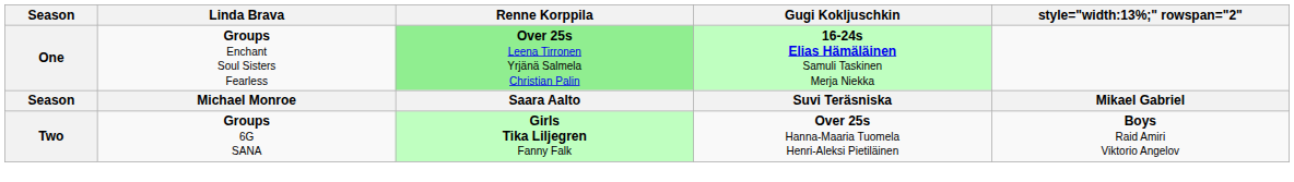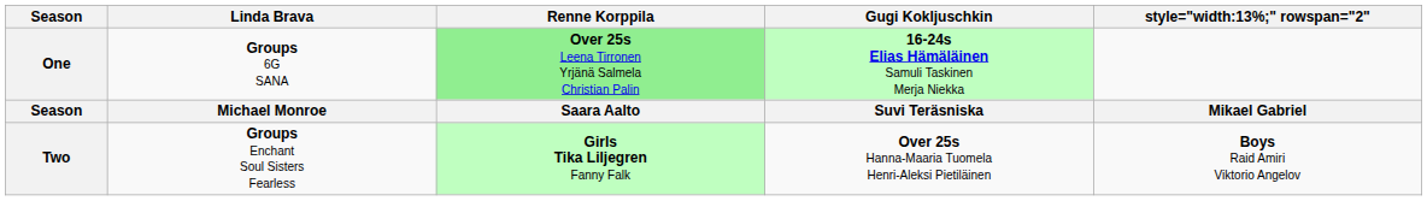 <table class="wikitable" style="text-align:center">
 <tr>
 <th style="width:4%;" scope="col">Season</th>
 <th style="width:13%;" scope="col">Linda Brava</th>
 <th style="width:13%;" scope="col">Renne Korppila</th>
 <th style="width:13%;" scope="col">Gugi Kokljuschkin</th>
 <th>style="width:13%;" rowspan="2" </th>
 </tr>
 <tr>
 <th scope="row"><strong>One</strong></th>
-<td><strong>Groups</strong><br><small>Enchant<br>Soul Sisters<br>Fearless</small></td>
+<td><strong>Groups</strong><br><small>6G<br>SANA</small></td>
 <td style="background: lightgreen;"><strong>Over 25s</strong><br><small><a href='#'>Leena Tirronen</a><br>Yrjänä Salmela<br><a href='#'>Christian Palin</a></small></td>
 <td bgcolor="BFFFC0"><strong>16-24s</strong><br><strong><a href='#'>Elias Hämäläinen</a></strong><br><small>Samuli Taskinen<br>Merja Niekka</small></td>
 </tr>
 <tr>
 <th style="width:4%;" scope="col">Season</th>
 <th style="width:13%;" scope="col">Michael Monroe</th>
 <th style="width:13%;" scope="col">Saara Aalto</th>
 <th style="width:13%;" scope="col">Suvi Teräsniska</th>
 <th style="width:13%;" scope="col">Mikael Gabriel</th>
 </tr>
 <tr>
 <th scope="row"><strong>Two</strong></th>
-<td><strong>Groups</strong><br><small>6G<br>SANA</small></td>
+<td><strong>Groups</strong><br><small>Enchant<br>Soul Sisters<br>Fearless</small></td>
 <td bgcolor="BFFFC0"><strong>Girls</strong><br><strong>Tika Liljegren</strong><br><small>Fanny Falk</small></td>
 <td><strong>Over 25s</strong><br><small>Hanna-Maaria Tuomela<br>Henri-Aleksi Pietiläinen</small></td>
 <td><strong>Boys</strong><br><small>Raid Amiri<br>Viktorio Angelov</small></td>
 </tr>
 </table>
